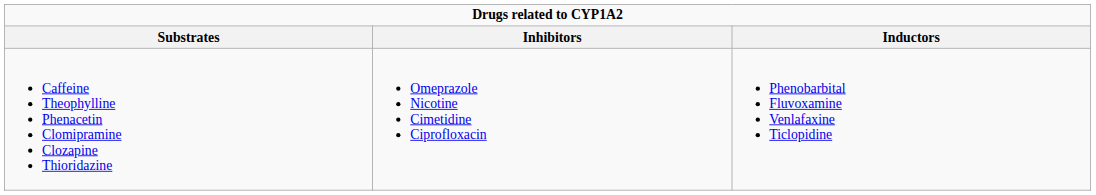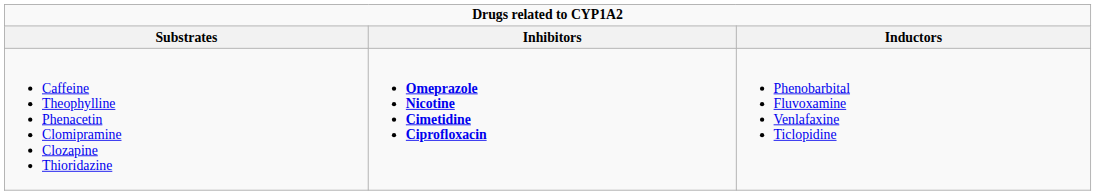 <table class="wikitable" style="margin:1em auto;" width="100%">
 <tr>
 <td colspan="3" style="text-align:center;"><strong>Drugs related to CYP1A2</strong></td>
 </tr>
 <tr>
 <th>Substrates</th>
 <th>Inhibitors</th>
 <th>Inductors</th>
 </tr>
 <tr style="vertical-align: top;">
 <td><br><ul><li><a href='#'>Caffeine</a></li><li><a href='#'>Theophylline</a></li><li><a href='#'>Phenacetin</a></li><li><a href='#'>Clomipramine</a></li><li><a href='#'>Clozapine</a></li><li><a href='#'>Thioridazine</a></li></ul></td>
-<td><br><ul><li><a href='#'>Omeprazole</a></li><li><a href='#'>Nicotine</a></li><li><a href='#'>Cimetidine</a></li><li><a href='#'>Ciprofloxacin</a></li></ul></td>
+<td><strong><br><ul><li><a href='#'>Omeprazole</a></li><li><a href='#'>Nicotine</a></li><li><a href='#'>Cimetidine</a></li><li><a href='#'>Ciprofloxacin</a></li></ul></strong></td>
 <td><br><ul><li><a href='#'>Phenobarbital</a></li><li><a href='#'>Fluvoxamine</a></li><li><a href='#'>Venlafaxine</a></li><li><a href='#'>Ticlopidine</a></li></ul></td>
 </tr>
 </table>
